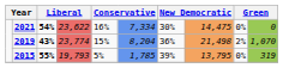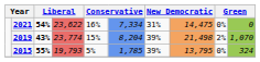 <table class="wikitable" style="float:right; width:400; font-size:90%; margin-left:1em;">
 <tr>
 <th colspan="2" scope="col">Year</th>
 <th colspan="2" scope="col"><a href='#'>Liberal</a></th>
 <th colspan="2" scope="col"><a href='#'>Conservative</a></th>
 <th colspan="2" scope="col"><a href='#'>New Democratic</a></th>
 <th colspan="2" scope="col"><a href='#'>Green</a></th>
 </tr>
 <tr>
 <td rowspan="3" style="width: 0.25em; background-color: "></td>
 <th><a href='#'>2021</a></th>
 <td><strong>54%</strong></td>
 <td style="text-align:right; background:#EA6D6A;"><em>23,622</em></td>
 <td>16%</td>
 <td style="text-align:right; background:#6495ED;"><em>7,334</em></td>
-<td>30%</td>
+<td>31%</td>
 <td style="text-align:right; background:#F4A460;"><em>14,475</em></td>
 <td>0%</td>
 <td style="text-align:right; background:#99C955;"><em>0</em></td>
 </tr>
 <tr>
 <th><a href='#'>2019</a></th>
 <td><strong>43%</strong></td>
 <td style="text-align:right; background:#EA6D6A;"><em>23,774</em></td>
 <td>15%</td>
 <td style="text-align:right; background:#6495ED;"><em>8,204</em></td>
-<td>36%</td>
+<td>39%</td>
 <td style="text-align:right; background:#F4A460;"><em>21,498</em></td>
 <td>2%</td>
 <td style="text-align:right; background:#99C955;"><em>1,070</em></td>
 </tr>
 <tr>
 <th><a href='#'>2015</a></th>
 <td><strong>55%</strong></td>
 <td style="text-align:right; background:#EA6D6A;"><em>19,793</em></td>
 <td>5%</td>
 <td style="text-align:right; background:#6495ED;"><em>1,785</em></td>
 <td>39%</td>
 <td style="text-align:right; background:#F4A460;"><em>13,795</em></td>
 <td>0%</td>
-<td style="text-align:right; background:#99C955;"><em>319</em></td>
+<td style="text-align:right; background:#99C955;"><em>324</em></td>
 </tr>
 <tr>
 </tr>
 </table>
